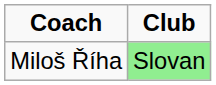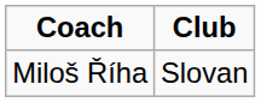 <table class="wikitable" style="text-align: center;">
 <tr>
 <td><strong>Coach</strong></td>
 <td><strong>Club</strong></td>
 </tr>
 <tr>
 <td> Miloš Říha</td>
-<td style="background: lightgreen;">Slovan</td>
+<td>Slovan</td>
 </tr>
 </table>
